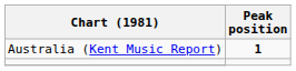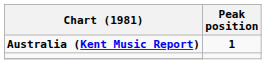 <table class="wikitable">
 <tr>
 <th>Chart (1981)</th>
 <th>Peak<br>position</th>
 </tr>
 <tr>
-<td>Australia (<a href='#'>Kent Music Report</a>)</td>
+<td><strong>Australia (<a href='#'>Kent Music Report</a>)</strong></td>
 <td align="center"><strong>1</strong></td>
 </tr>
 <tr>
 <td></td>
 </tr>
 <tr>
 </tr>
 </table>
